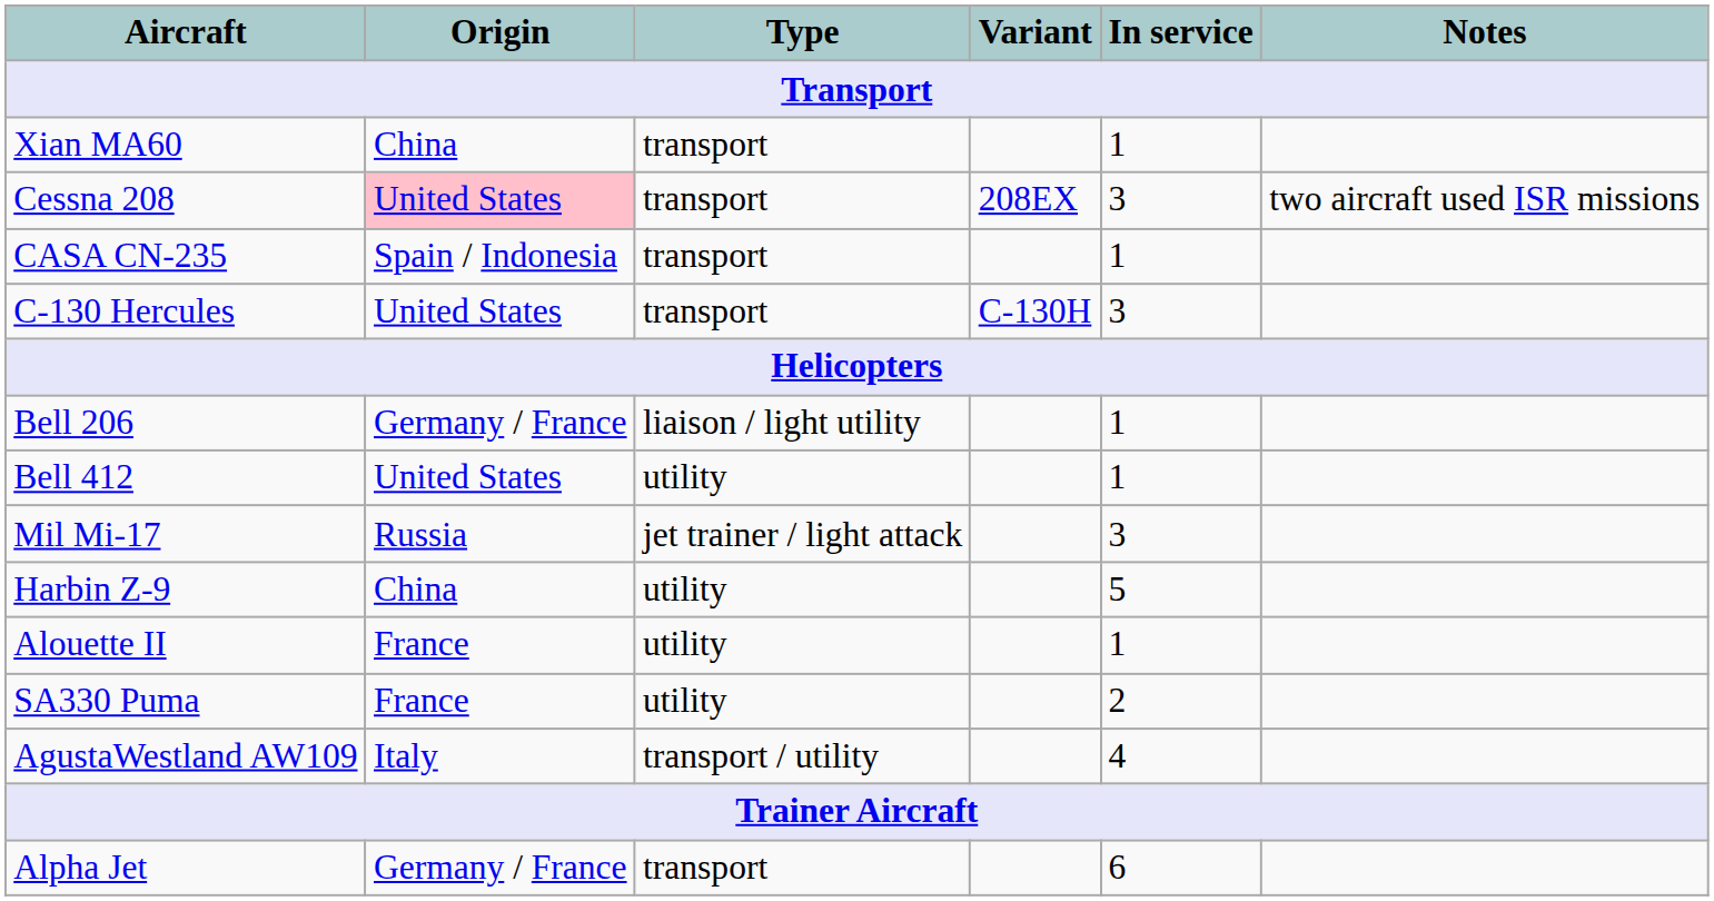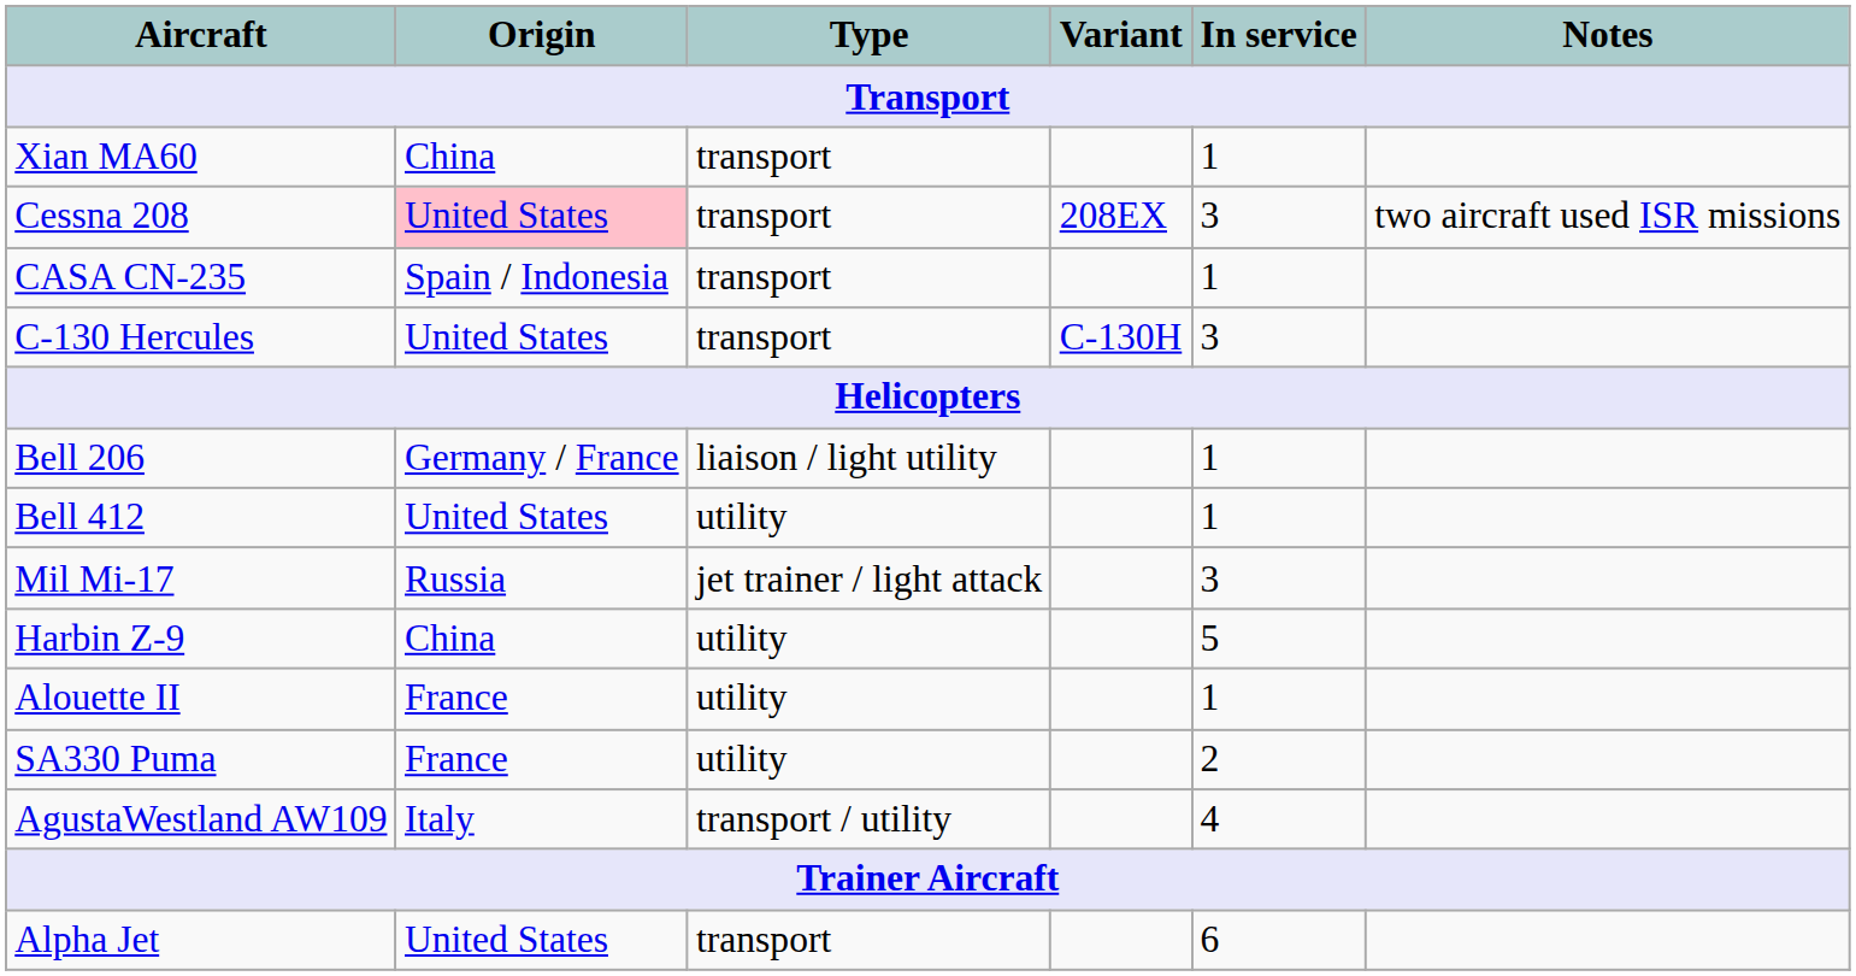 <table class="wikitable">
 <tr>
 <th style="text-align:center; background:#acc;">Aircraft</th>
 <th style="text-align: center; background:#acc;">Origin</th>
 <th style="text-align:l center; background:#acc;">Type</th>
 <th style="text-align:left; background:#acc;">Variant</th>
 <th style="text-align:center; background:#acc;">In service</th>
 <th style="text-align: center; background:#acc;">Notes</th>
 </tr>
 <tr>
 <th style="align: center; background: lavender;" colspan="7"><a href='#'>Transport</a></th>
 </tr>
 <tr>
 <td><a href='#'>Xian MA60</a></td>
 <td><a href='#'>China</a></td>
 <td>transport</td>
 <td></td>
 <td>1</td>
 <td></td>
 </tr>
 <tr>
 <td><a href='#'>Cessna 208</a></td>
 <td style="background: pink;"><a href='#'>United States</a></td>
 <td>transport</td>
 <td><a href='#'>208EX</a></td>
 <td>3</td>
 <td>two aircraft used  <a href='#'>ISR</a> missions</td>
 </tr>
 <tr>
 <td><a href='#'>CASA CN-235</a></td>
 <td><a href='#'>Spain</a> / <a href='#'>Indonesia</a></td>
 <td>transport</td>
 <td></td>
 <td>1</td>
 <td></td>
 </tr>
 <tr>
 <td><a href='#'>C-130 Hercules</a></td>
 <td><a href='#'>United States</a></td>
 <td>transport</td>
 <td><a href='#'>C-130H</a></td>
 <td>3</td>
 <td></td>
 </tr>
 <tr>
 <th style="align: center; background: lavender;" colspan="7"><a href='#'>Helicopters</a></th>
 </tr>
 <tr>
 <td><a href='#'>Bell 206</a></td>
 <td><a href='#'>Germany</a> / <a href='#'>France</a></td>
 <td>liaison / light utility</td>
 <td></td>
 <td>1</td>
 <td></td>
 </tr>
 <tr>
 <td><a href='#'>Bell 412</a></td>
 <td><a href='#'>United States</a></td>
 <td>utility</td>
 <td></td>
 <td>1</td>
 <td></td>
 </tr>
 <tr>
 <td><a href='#'>Mil Mi-17</a></td>
 <td><a href='#'>Russia</a></td>
 <td>jet trainer / light attack</td>
 <td></td>
 <td>3</td>
 <td></td>
 </tr>
 <tr>
 <td><a href='#'>Harbin Z-9</a></td>
 <td><a href='#'>China</a></td>
 <td>utility</td>
 <td></td>
 <td>5</td>
 <td></td>
 </tr>
 <tr>
 <td><a href='#'>Alouette II</a></td>
 <td><a href='#'>France</a></td>
 <td>utility</td>
 <td></td>
 <td>1</td>
 <td></td>
 </tr>
 <tr>
 <td><a href='#'>SA330 Puma</a></td>
 <td><a href='#'>France</a></td>
 <td>utility</td>
 <td></td>
 <td>2</td>
 <td></td>
 </tr>
 <tr>
 <td><a href='#'>AgustaWestland AW109</a></td>
 <td><a href='#'>Italy</a></td>
 <td>transport / utility</td>
 <td></td>
 <td>4</td>
 <td></td>
 </tr>
 <tr>
 <th style="align: center; background: lavender;" colspan="7"><a href='#'>Trainer Aircraft</a></th>
 </tr>
 <tr>
 <td><a href='#'>Alpha Jet</a></td>
-<td><a href='#'>Germany</a> / <a href='#'>France</a></td>
+<td><a href='#'>United States</a></td>
 <td>transport</td>
 <td></td>
 <td>6</td>
 <td></td>
 </tr>
 </table>
